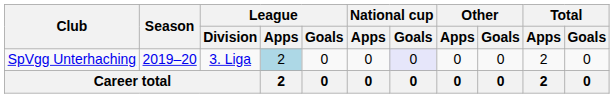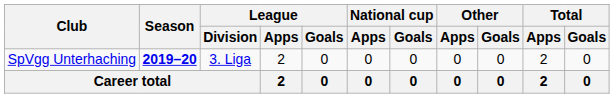 <table class="wikitable" style="text-align:center">
 <tr>
 <th rowspan="2">Club</th>
 <th rowspan="2">Season</th>
 <th colspan="3">League</th>
 <th colspan="2">National cup</th>
 <th colspan="2">Other</th>
 <th colspan="2">Total</th>
 </tr>
 <tr>
 <th>Division</th>
 <th>Apps</th>
 <th>Goals</th>
 <th>Apps</th>
 <th>Goals</th>
 <th>Apps</th>
 <th>Goals</th>
 <th>Apps</th>
 <th>Goals</th>
 </tr>
 <tr>
 <td><a href='#'>SpVgg Unterhaching</a></td>
-<td><a href='#'>2019–20</a></td>
+<td><strong><a href='#'>2019–20</a></strong></td>
 <td><a href='#'>3. Liga</a></td>
-<td style="background: lightblue;">2</td>
+<td>2</td>
 <td>0</td>
 <td>0</td>
-<td style="background: lavender;">0</td>
+<td>0</td>
 <td>0</td>
 <td>0</td>
 <td>2</td>
 <td>0</td>
 </tr>
 <tr>
 <th colspan="3">Career total</th>
 <th>2</th>
 <th>0</th>
 <th>0</th>
 <th>0</th>
 <th>0</th>
 <th>0</th>
 <th>2</th>
 <th>0</th>
 </tr>
 </table>
